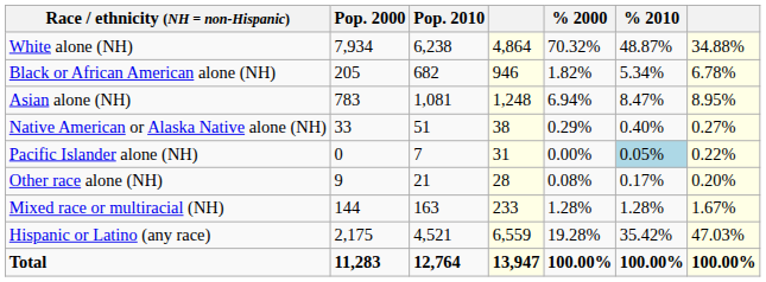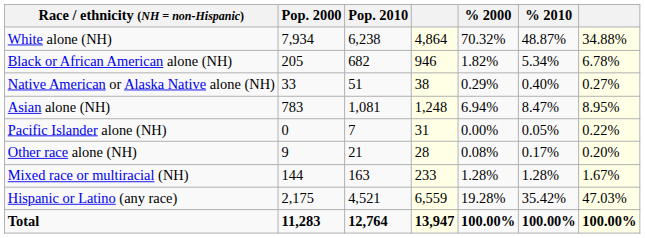 <table class="wikitable">
 <tr>
 <th>Race / ethnicity <small>(<em>NH = non-Hispanic</em>)</small></th>
 <th>Pop. 2000</th>
 <th>Pop. 2010</th>
 <th></th>
 <th>% 2000</th>
 <th>% 2010</th>
 <th></th>
 </tr>
 <tr>
 <td><a href='#'>White</a> alone (NH)</td>
 <td>7,934</td>
 <td>6,238</td>
 <td style='background: #ffffe6;'>4,864</td>
 <td>70.32%</td>
 <td>48.87%</td>
 <td style='background: #ffffe6;'>34.88%</td>
 </tr>
 <tr>
 <td><a href='#'>Black or African American</a> alone (NH)</td>
 <td>205</td>
 <td>682</td>
 <td style='background: #ffffe6;'>946</td>
 <td>1.82%</td>
 <td>5.34%</td>
 <td style='background: #ffffe6;'>6.78%</td>
 </tr>
 <tr>
+<td><a href='#'>Native American</a> or <a href='#'>Alaska Native</a> alone (NH)</td>
+<td>33</td>
+<td>51</td>
+<td style='background: #ffffe6;'>38</td>
+<td>0.29%</td>
+<td>0.40%</td>
+<td style='background: #ffffe6;'>0.27%</td>
+</tr>
+<tr>
 <td><a href='#'>Asian</a> alone (NH)</td>
 <td>783</td>
 <td>1,081</td>
 <td style='background: #ffffe6;'>1,248</td>
 <td>6.94%</td>
 <td>8.47%</td>
 <td style='background: #ffffe6;'>8.95%</td>
 </tr>
 <tr>
-<td><a href='#'>Native American</a> or <a href='#'>Alaska Native</a> alone (NH)</td>
-<td>33</td>
-<td>51</td>
-<td style='background: #ffffe6;'>38</td>
-<td>0.29%</td>
-<td>0.40%</td>
-<td style='background: #ffffe6;'>0.27%</td>
-</tr>
-<tr>
 <td><a href='#'>Pacific Islander</a> alone (NH)</td>
 <td>0</td>
 <td>7</td>
 <td style='background: #ffffe6;'>31</td>
 <td>0.00%</td>
-<td style="background: lightblue;">0.05%</td>
+<td>0.05%</td>
 <td style='background: #ffffe6;'>0.22%</td>
 </tr>
 <tr>
 <td><a href='#'>Other race</a> alone (NH)</td>
 <td>9</td>
 <td>21</td>
 <td style='background: #ffffe6;'>28</td>
 <td>0.08%</td>
 <td>0.17%</td>
 <td style='background: #ffffe6;'>0.20%</td>
 </tr>
 <tr>
 <td><a href='#'>Mixed race or multiracial</a> (NH)</td>
 <td>144</td>
 <td>163</td>
 <td style='background: #ffffe6;'>233</td>
 <td>1.28%</td>
 <td>1.28%</td>
 <td style='background: #ffffe6;'>1.67%</td>
 </tr>
 <tr>
 <td><a href='#'>Hispanic or Latino</a> (any race)</td>
 <td>2,175</td>
 <td>4,521</td>
 <td style='background: #ffffe6;'>6,559</td>
 <td>19.28%</td>
 <td>35.42%</td>
 <td style='background: #ffffe6;'>47.03%</td>
 </tr>
 <tr>
 <td><strong>Total</strong></td>
 <td><strong>11,283</strong></td>
 <td><strong>12,764</strong></td>
 <td style='background: #ffffe6;'><strong>13,947</strong></td>
 <td><strong>100.00%</strong></td>
 <td><strong>100.00%</strong></td>
 <td style='background: #ffffe6;'><strong>100.00%</strong></td>
 </tr>
 </table>
